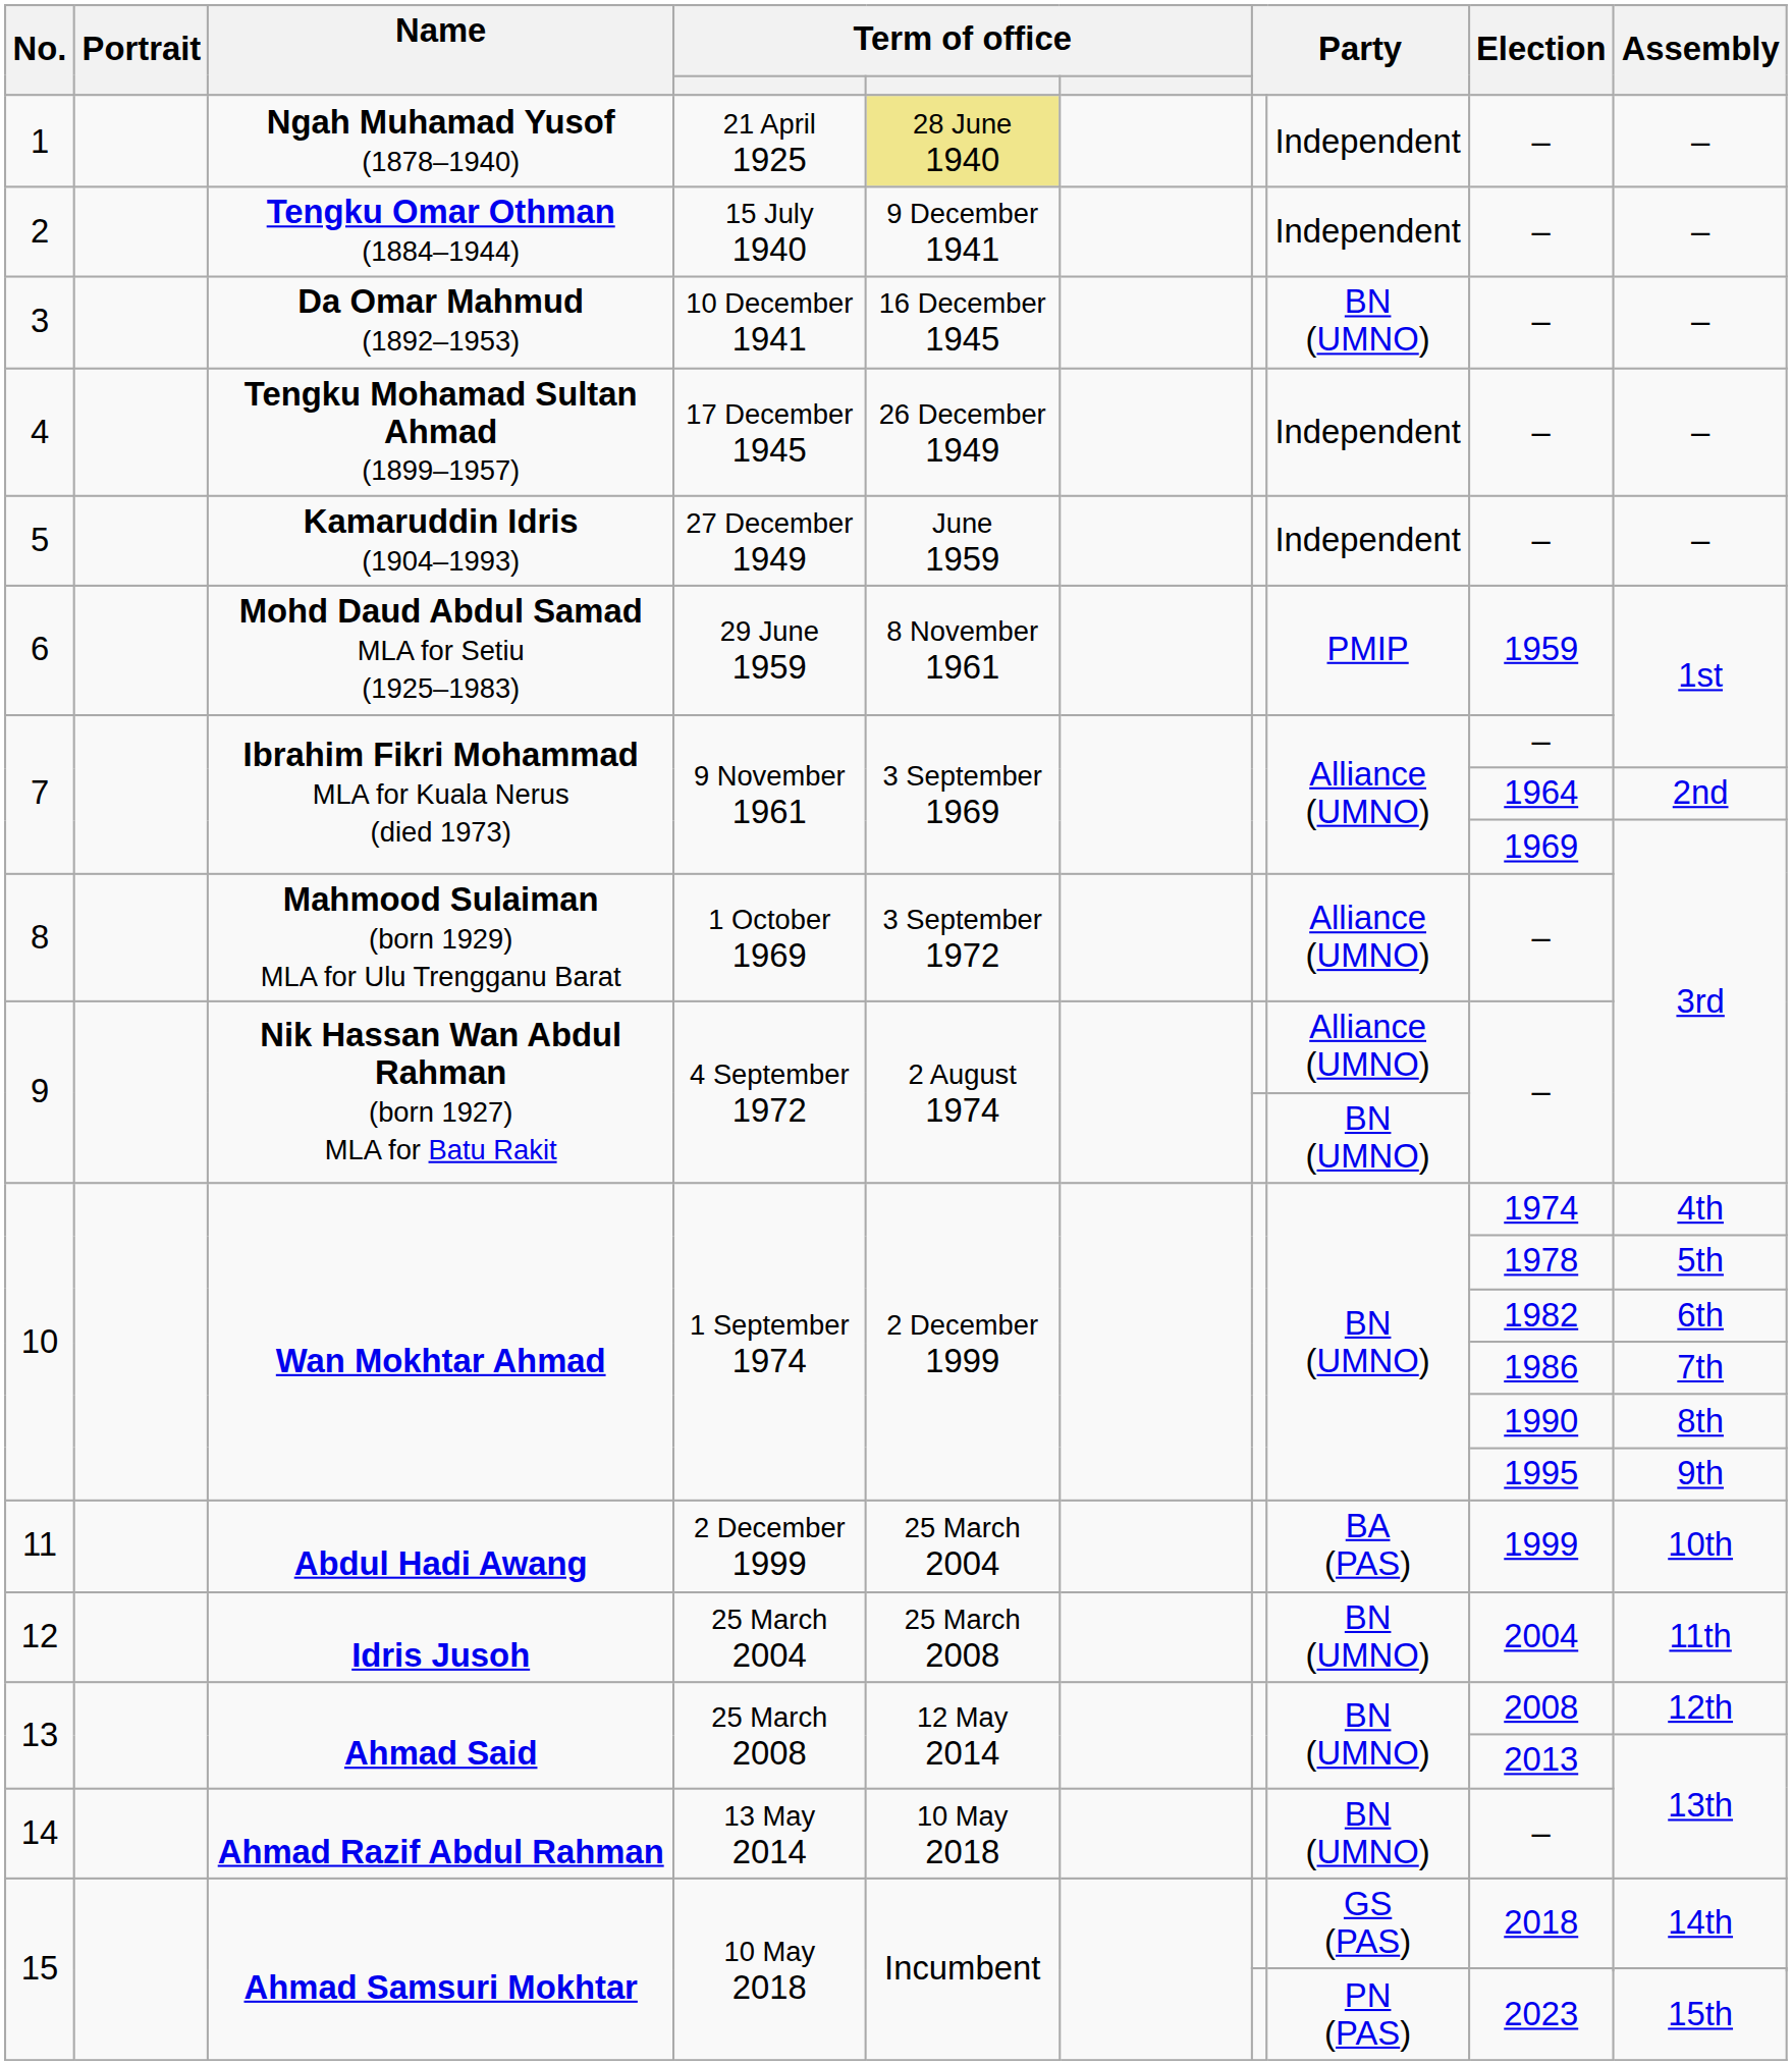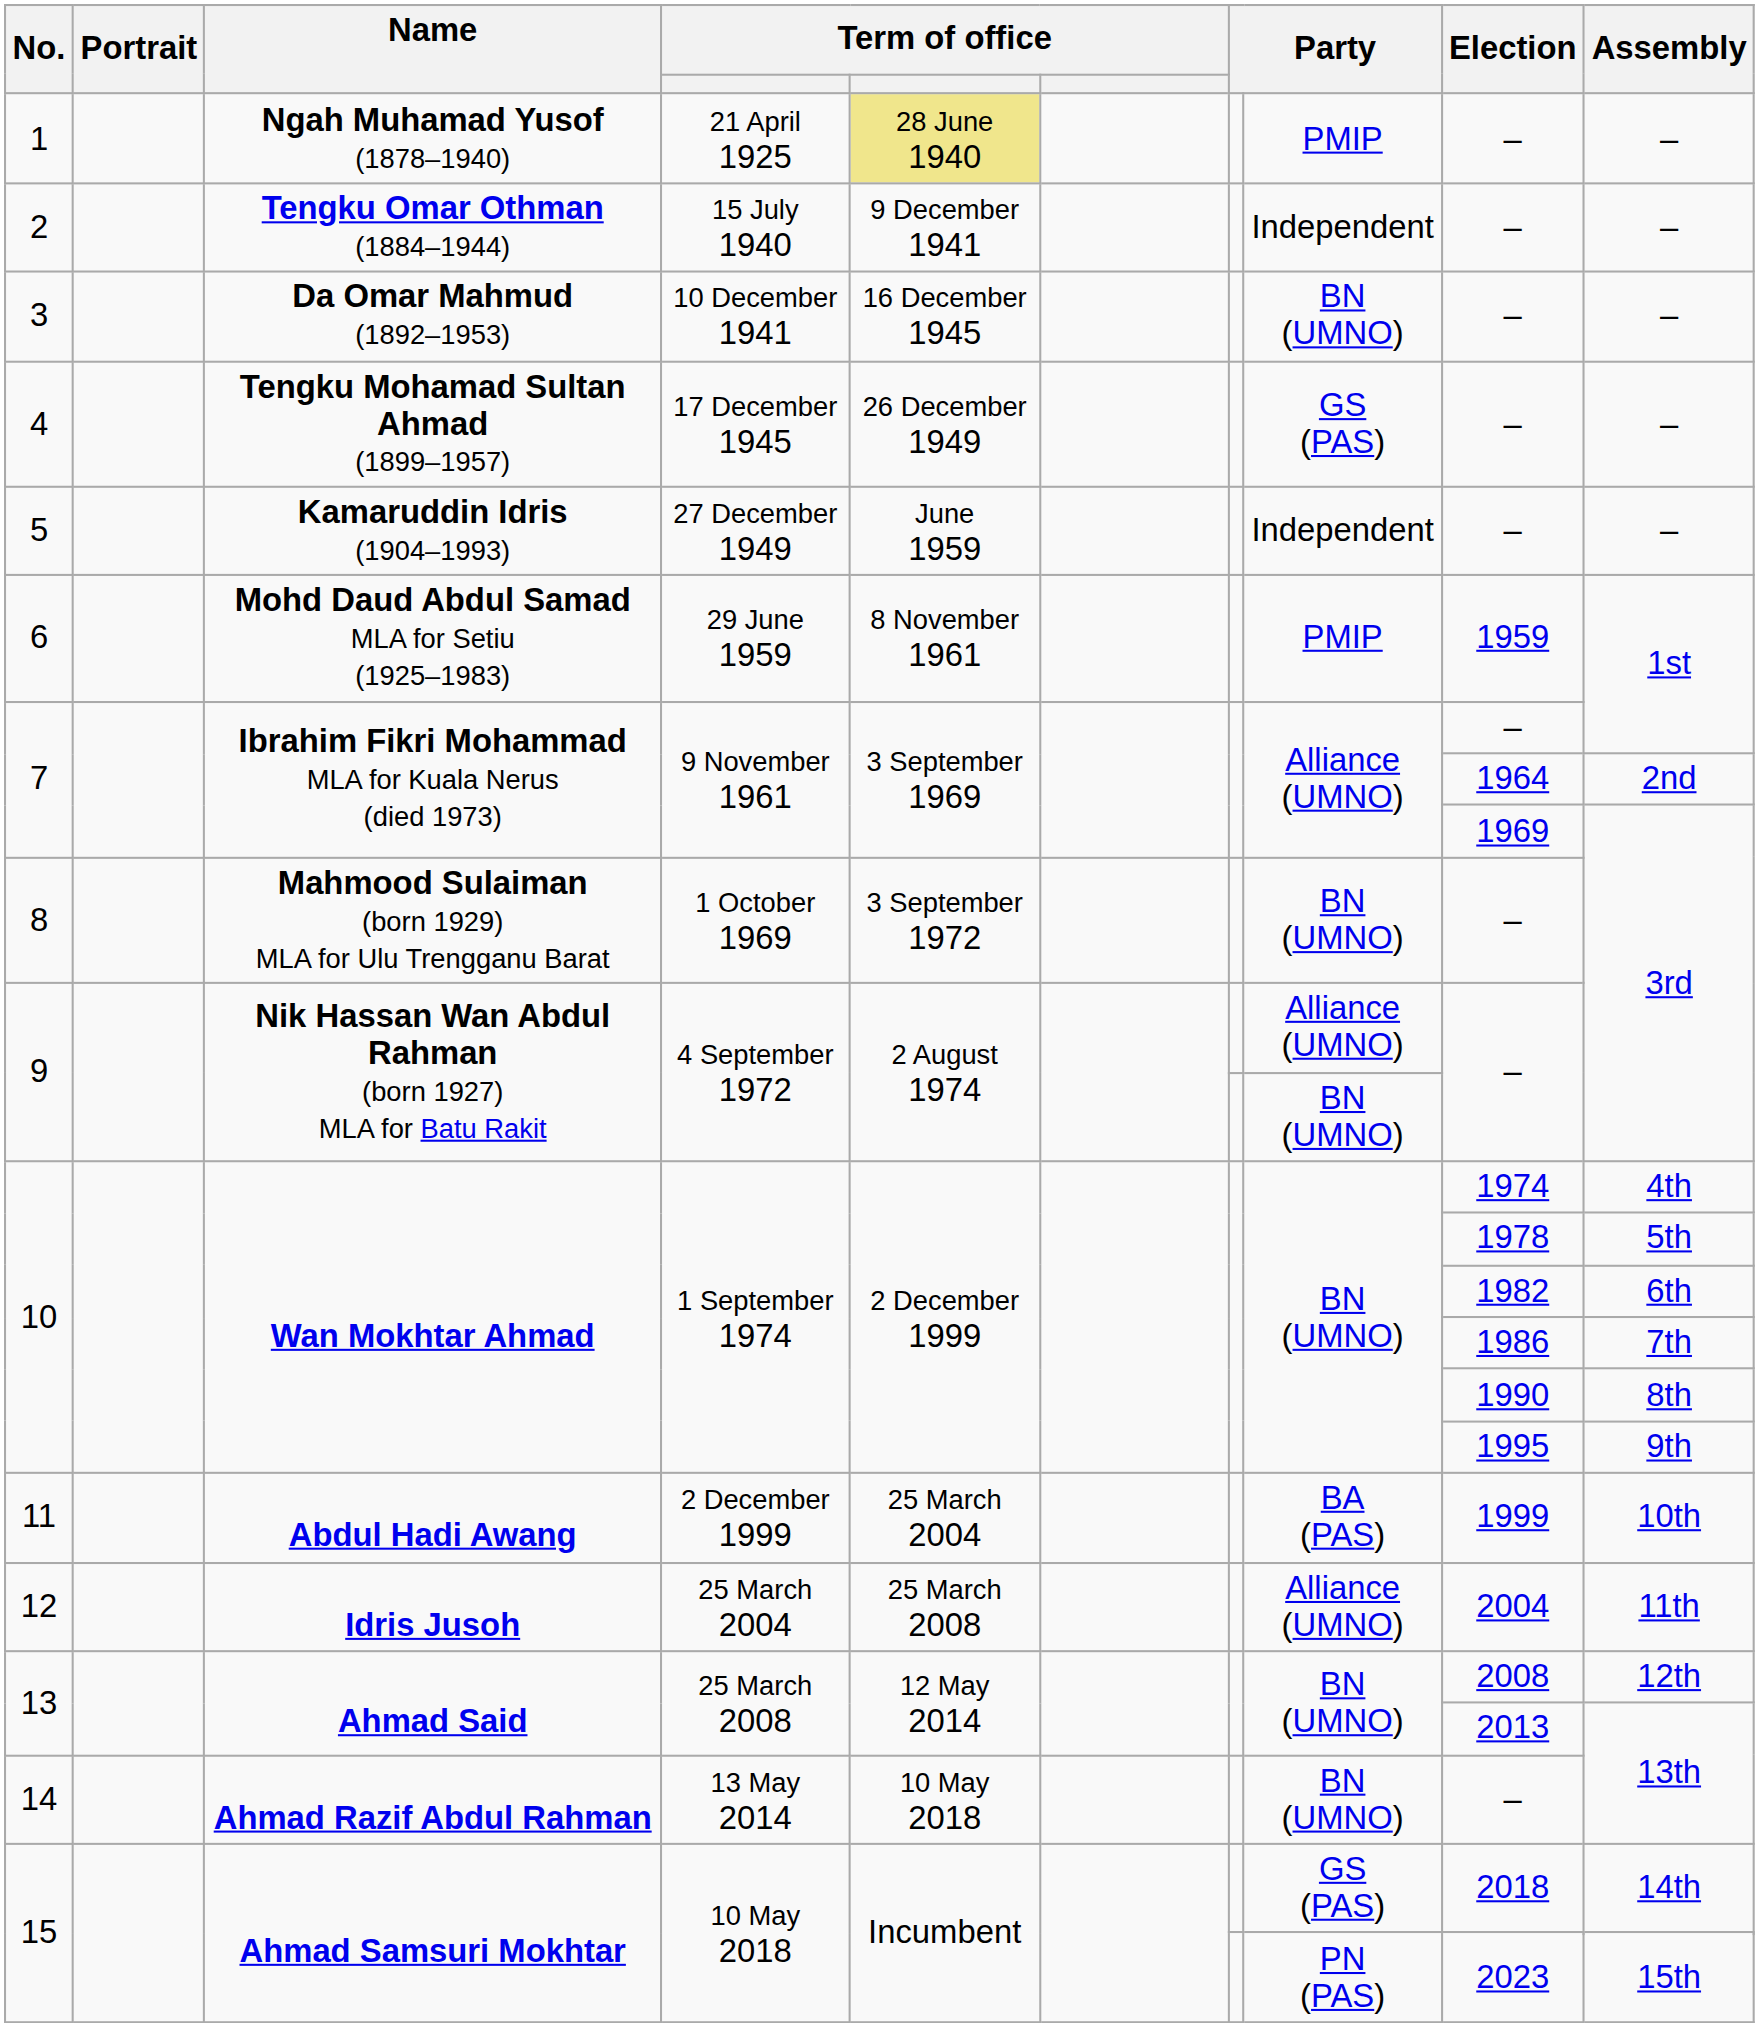 <table class="wikitable" style="text-align:center; border:1px #aaf solid;">
 <tr>
 <th rowspan="2">No.</th>
 <th rowspan="2">Portrait</th>
 <th rowspan="2" width="215">Name<br><br></th>
 <th colspan="3">Term of office</th>
 <th colspan="2" rowspan="2">Party</th>
 <th rowspan="2">Election</th>
 <th rowspan="2">Assembly</th>
 </tr>
 <tr>
 <th width="85"></th>
 <th width="85"></th>
 <th width="85"></th>
 </tr>
 <tr>
 <td>1</td>
 <td></td>
 <td><strong>Ngah Muhamad Yusof</strong><br><small>(1878–1940)</small></td>
 <td><small>21 April</small><br>1925</td>
 <td style="background: khaki;"><small>28 June</small><br>1940</td>
 <td></td>
 <td style="background:"></td>
-<td>Independent</td>
+<td><a href='#'>PMIP</a></td>
 <td>–</td>
 <td>–</td>
 </tr>
 <tr>
 <td>2</td>
 <td></td>
 <td><strong><a href='#'>Tengku Omar Othman</a></strong><br><small>(1884–1944)</small></td>
 <td><small>15 July</small><br>1940</td>
 <td><small>9 December</small><br>1941</td>
 <td></td>
 <td style="background:"></td>
 <td>Independent</td>
 <td>–</td>
 <td>–</td>
 </tr>
 <tr>
 <td>3</td>
 <td></td>
 <td><strong>Da Omar Mahmud</strong><br><small>(1892–1953)</small></td>
 <td><small>10 December</small><br>1941</td>
 <td><small>16 December</small><br>1945</td>
 <td></td>
 <td style="background:"></td>
 <td><a href='#'>BN</a><br>(<a href='#'>UMNO</a>)</td>
 <td>–</td>
 <td>–</td>
 </tr>
 <tr>
 <td>4</td>
 <td></td>
 <td><strong>Tengku Mohamad Sultan Ahmad</strong><br><small>(1899–1957)</small></td>
 <td><small>17 December</small><br>1945</td>
 <td><small>26 December</small><br>1949</td>
 <td></td>
 <td style="background:"></td>
-<td>Independent</td>
+<td><a href='#'>GS</a><br>(<a href='#'>PAS</a>)</td>
 <td>–</td>
 <td>–</td>
 </tr>
 <tr>
 <td>5</td>
 <td></td>
 <td><strong>Kamaruddin Idris</strong><br><small>(1904–1993)</small></td>
 <td><small>27 December</small><br>1949</td>
 <td><small>June</small><br>1959</td>
 <td></td>
 <td style="background:"></td>
 <td>Independent</td>
 <td>–</td>
 <td>–</td>
 </tr>
 <tr>
 <td>6</td>
 <td></td>
 <td><strong>Mohd Daud Abdul Samad</strong><br><small>MLA for Setiu</small><br><small>(1925–1983)</small></td>
 <td><small>29 June</small><br>1959</td>
 <td><small>8 November</small><br>1961</td>
 <td></td>
 <td style="background:"></td>
 <td><a href='#'>PMIP</a></td>
 <td><a href='#'>1959</a></td>
 <td rowspan="2"><a href='#'>1st</a></td>
 </tr>
 <tr>
 <td rowspan="3">7</td>
 <td rowspan="3"></td>
 <td rowspan="3"><strong>Ibrahim Fikri Mohammad</strong><br><small>MLA for Kuala Nerus</small><br><small>(died 1973)</small></td>
 <td rowspan="3"><small>9 November</small><br>1961</td>
 <td rowspan="3"><small>3 September</small><br>1969</td>
 <td rowspan="3"></td>
 <td rowspan="3" style="background:"></td>
 <td rowspan="3"><a href='#'>Alliance</a><br>(<a href='#'>UMNO</a>)</td>
 <td>–</td>
 </tr>
 <tr>
 <td><a href='#'>1964</a></td>
 <td><a href='#'>2nd</a></td>
 </tr>
 <tr>
 <td><a href='#'>1969</a></td>
 <td rowspan="4"><a href='#'>3rd</a></td>
 </tr>
 <tr>
 <td>8</td>
 <td></td>
 <td><strong>Mahmood Sulaiman</strong><br><small>(born 1929)</small><br><small>MLA for Ulu Trengganu Barat</small></td>
 <td><small>1 October</small><br>1969</td>
 <td><small>3 September</small><br>1972</td>
 <td></td>
 <td style="background:"></td>
-<td><a href='#'>Alliance</a><br>(<a href='#'>UMNO</a>)</td>
+<td><a href='#'>BN</a><br>(<a href='#'>UMNO</a>)</td>
 <td>–</td>
 </tr>
 <tr>
 <td rowspan="2">9</td>
 <td rowspan="2"></td>
 <td rowspan="2"><strong>Nik Hassan Wan Abdul Rahman</strong><br><small>(born 1927)</small><br><small>MLA for <a href='#'>Batu Rakit</a></small></td>
 <td rowspan="2"><small>4 September</small><br>1972</td>
 <td rowspan="2"><small>2 August</small><br>1974</td>
 <td rowspan="2"></td>
 <td style="background:"></td>
 <td><a href='#'>Alliance</a><br>(<a href='#'>UMNO</a>)</td>
 <td rowspan="2">–</td>
 </tr>
 <tr>
 <td style="background:"></td>
 <td><a href='#'>BN</a><br>(<a href='#'>UMNO</a>)</td>
 </tr>
 <tr>
 <td rowspan="6">10</td>
 <td rowspan="6"></td>
 <td rowspan="6"><br><strong><a href='#'>Wan Mokhtar Ahmad</a></strong><br></td>
 <td rowspan="6"><small>1 September</small><br>1974</td>
 <td rowspan="6"><small>2 December</small><br>1999</td>
 <td rowspan="6"></td>
 <td rowspan="6" style="background:"></td>
 <td rowspan="6"><a href='#'>BN</a><br>(<a href='#'>UMNO</a>)</td>
 <td><a href='#'>1974</a></td>
 <td><a href='#'>4th</a></td>
 </tr>
 <tr>
 <td><a href='#'>1978</a></td>
 <td><a href='#'>5th</a></td>
 </tr>
 <tr>
 <td><a href='#'>1982</a></td>
 <td><a href='#'>6th</a></td>
 </tr>
 <tr>
 <td><a href='#'>1986</a></td>
 <td><a href='#'>7th</a></td>
 </tr>
 <tr>
 <td><a href='#'>1990</a></td>
 <td><a href='#'>8th</a></td>
 </tr>
 <tr>
 <td><a href='#'>1995</a></td>
 <td><a href='#'>9th</a></td>
 </tr>
 <tr>
 <td>11</td>
 <td></td>
 <td><br><strong><a href='#'>Abdul Hadi Awang</a></strong><br></td>
 <td><small>2 December</small><br>1999</td>
 <td><small>25 March</small><br>2004</td>
 <td></td>
 <td style="background:"></td>
 <td><a href='#'>BA</a><br>(<a href='#'>PAS</a>)</td>
 <td><a href='#'>1999</a></td>
 <td><a href='#'>10th</a></td>
 </tr>
 <tr>
 <td>12</td>
 <td></td>
 <td><br><strong><a href='#'>Idris Jusoh</a></strong><br></td>
 <td><small>25 March</small><br>2004</td>
 <td><small>25 March</small><br>2008</td>
 <td></td>
 <td style="background:"></td>
-<td><a href='#'>BN</a><br>(<a href='#'>UMNO</a>)</td>
+<td><a href='#'>Alliance</a><br>(<a href='#'>UMNO</a>)</td>
 <td><a href='#'>2004</a></td>
 <td><a href='#'>11th</a></td>
 </tr>
 <tr>
 <td rowspan="2">13</td>
 <td rowspan="2"></td>
 <td rowspan="2"><br><strong><a href='#'>Ahmad Said</a></strong><br></td>
 <td rowspan="2"><small>25 March</small><br>2008</td>
 <td rowspan="2"><small>12 May</small><br>2014</td>
 <td rowspan="2"></td>
 <td rowspan="2" style="background:"></td>
 <td rowspan="2"><a href='#'>BN</a><br>(<a href='#'>UMNO</a>)</td>
 <td><a href='#'>2008</a></td>
 <td><a href='#'>12th</a></td>
 </tr>
 <tr>
 <td><a href='#'>2013</a></td>
 <td rowspan="2"><a href='#'>13th</a></td>
 </tr>
 <tr>
 <td>14</td>
 <td></td>
 <td><br><strong><a href='#'>Ahmad Razif Abdul Rahman</a></strong><br></td>
 <td><small>13 May</small><br>2014</td>
 <td><small>10 May</small><br>2018</td>
 <td></td>
 <td style="background:"></td>
 <td><a href='#'>BN</a><br>(<a href='#'>UMNO</a>)</td>
 <td>–</td>
 </tr>
 <tr>
 <td rowspan="3">15</td>
 <td rowspan="3"></td>
 <td rowspan="3"><br><strong><a href='#'>Ahmad Samsuri Mokhtar</a></strong><br></td>
 <td rowspan="3"><small>10 May</small><br>2018</td>
 <td rowspan="3">Incumbent</td>
 <td rowspan="3"></td>
 <td style="background:"></td>
 <td><a href='#'>GS</a><br>(<a href='#'>PAS</a>)</td>
 <td rowspan="2"><a href='#'>2018</a></td>
 <td rowspan="2"><a href='#'>14th</a></td>
 </tr>
 <tr>
 <td rowspan="2" style="background:"></td>
 <td rowspan="2"><a href='#'>PN</a><br>(<a href='#'>PAS</a>)</td>
 </tr>
 <tr>
 <td><a href='#'>2023</a></td>
 <td><a href='#'>15th</a></td>
 </tr>
 </table>
